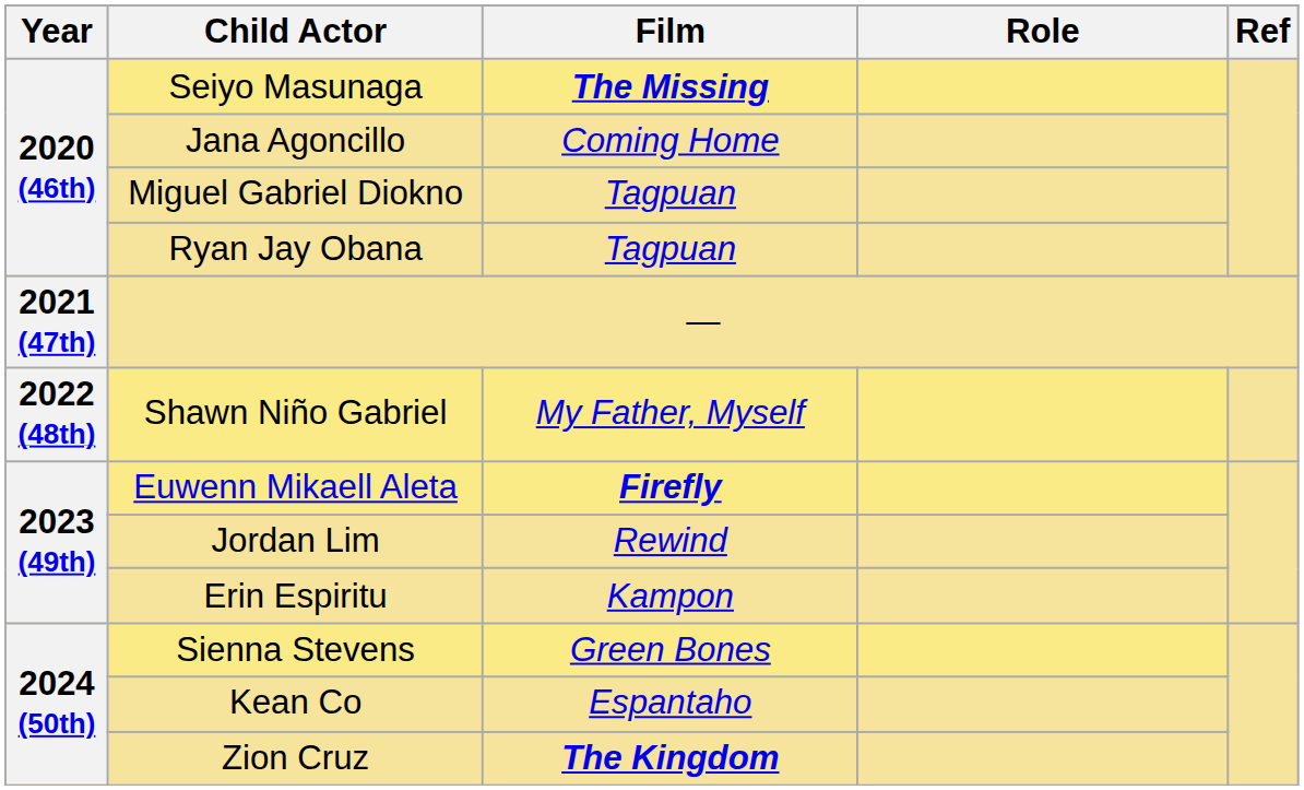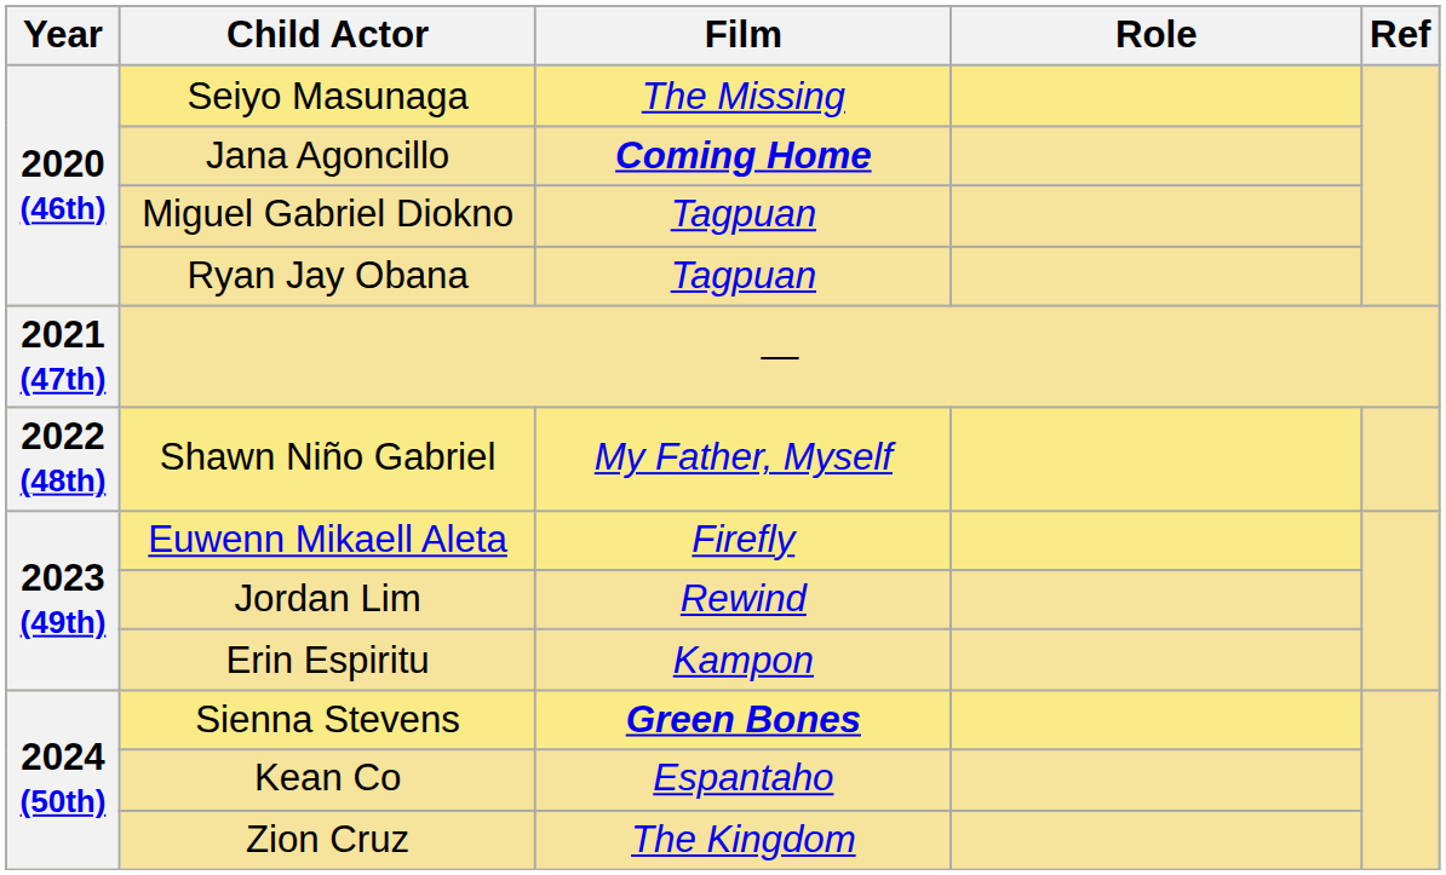 <table class="wikitable" rowspan=2 style="text-align: center; background: #f6e39c">
 <tr style="background:#bebebe;">
 <th scope="col" style="width:8%;">Year</th>
 <th scope="col" style="width:30%;">Child Actor</th>
 <th scope="col" style="width:30%;">Film</th>
 <th scope="col" style="width:30%;">Role</th>
 <th scope="col" style="width:2%;">Ref</th>
 </tr>
 <tr>
 <th scope="row" style="text-align:center" rowspan=4>2020 <br><small><a href='#'>(46th)</a> </small></th>
 <td style="background:#FAEB86">Seiyo Masunaga</td>
-<td style="background:#FAEB86"><strong><em><a href='#'>The Missing</a></em></strong></td>
+<td style="background:#FAEB86"><em><a href='#'>The Missing</a></em></td>
 <td style="background:#FAEB86"></td>
 <td rowspan=4></td>
 </tr>
 <tr>
 <td>Jana Agoncillo</td>
-<td><em><a href='#'>Coming Home</a></em></td>
+<td><strong><em><a href='#'>Coming Home</a></em></strong></td>
 <td></td>
 </tr>
 <tr>
 <td>Miguel Gabriel Diokno</td>
 <td><em><a href='#'>Tagpuan</a></em></td>
 <td></td>
 </tr>
 <tr>
 <td>Ryan Jay Obana</td>
 <td><em><a href='#'>Tagpuan</a></em></td>
 <td></td>
 </tr>
 <tr>
 <th scope="row" style="text-align:center">2021 <br><small><a href='#'>(47th)</a> </small></th>
 <td colspan=4>—</td>
 </tr>
 <tr>
 <th scope="row" style="text-align:center">2022 <br><small><a href='#'>(48th)</a> </small></th>
 <td style="background:#FAEB86">Shawn Niño Gabriel</td>
 <td style="background:#FAEB86"><em><a href='#'>My Father, Myself</a></em></td>
 <td style="background:#FAEB86"></td>
 <td></td>
 </tr>
 <tr>
 <th scope="row" style="text-align:center" rowspan=3>2023 <br><small><a href='#'>(49th)</a> </small></th>
 <td style="background:#FAEB86"><a href='#'>Euwenn Mikaell Aleta</a></td>
-<td style="background:#FAEB86"><strong><em><a href='#'>Firefly</a></em></strong></td>
+<td style="background:#FAEB86"><em><a href='#'>Firefly</a></em></td>
 <td style="background:#FAEB86"></td>
 <td rowspan=3></td>
 </tr>
 <tr>
 <td>Jordan Lim</td>
 <td><em><a href='#'>Rewind</a></em></td>
 <td></td>
 </tr>
 <tr>
 <td>Erin Espiritu</td>
 <td><em><a href='#'>Kampon</a></em></td>
 <td></td>
 </tr>
 <tr>
 <th scope="row" style="text-align:center" rowspan=3>2024 <br><small><a href='#'>(50th)</a> </small></th>
 <td style="background:#FAEB86">Sienna Stevens</td>
-<td style="background:#FAEB86"><em><a href='#'>Green Bones</a></em></td>
+<td style="background:#FAEB86"><strong><em><a href='#'>Green Bones</a></em></strong></td>
 <td style="background:#FAEB86"></td>
 <td rowspan=3></td>
 </tr>
 <tr>
 <td>Kean Co</td>
 <td><em><a href='#'>Espantaho</a></em></td>
 <td></td>
 </tr>
 <tr>
 <td>Zion Cruz</td>
-<td><strong><em><a href='#'>The Kingdom</a></em></strong></td>
+<td><em><a href='#'>The Kingdom</a></em></td>
 <td></td>
 </tr>
 </table>
